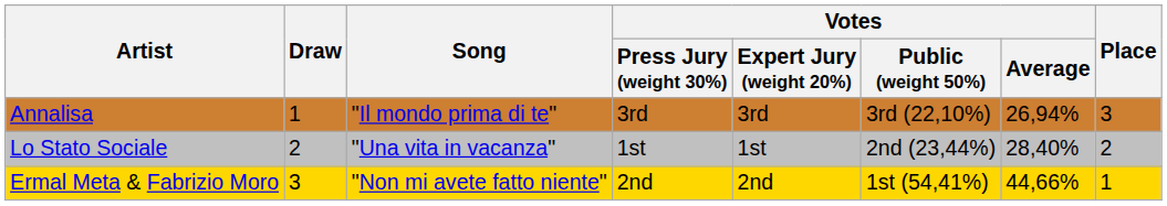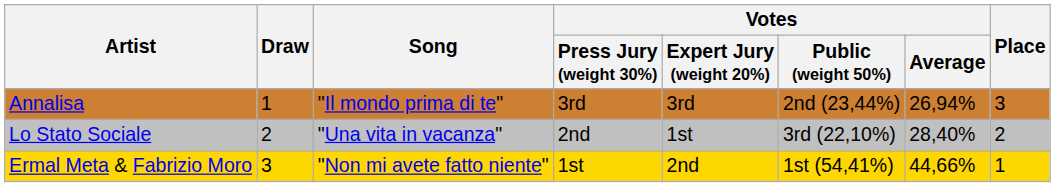 <table class="wikitable sortable">
 <tr>
 <th rowspan="2">Artist</th>
 <th rowspan="2">Draw</th>
 <th rowspan="2">Song</th>
 <th colspan="4" class="unsortable">Votes</th>
 <th rowspan="2">Place</th>
 </tr>
 <tr>
 <th>Press Jury<br><small>(weight 30%)</small></th>
 <th>Expert Jury<br><small>(weight 20%)</small></th>
 <th>Public<br><small>(weight 50%)</small></th>
 <th>Average</th>
 </tr>
 <tr bgcolor=#cd7f32>
 <td><a href='#'>Annalisa</a></td>
 <td>1</td>
 <td>"<a href='#'>Il mondo prima di te</a>"</td>
 <td>3rd</td>
 <td>3rd</td>
-<td>3rd (22,10%)</td>
+<td>2nd (23,44%)</td>
 <td>26,94%</td>
 <td>3</td>
 </tr>
 <tr bgcolor=silver>
 <td><a href='#'>Lo Stato Sociale</a></td>
 <td>2</td>
 <td>"<a href='#'>Una vita in vacanza</a>"</td>
+<td>2nd</td>
 <td>1st</td>
-<td>1st</td>
-<td>2nd (23,44%)</td>
+<td>3rd (22,10%)</td>
 <td>28,40%</td>
 <td>2</td>
 </tr>
 <tr bgcolor=gold>
 <td><a href='#'>Ermal Meta</a> & <a href='#'>Fabrizio Moro</a></td>
 <td>3</td>
 <td>"<a href='#'>Non mi avete fatto niente</a>"</td>
-<td>2nd</td>
+<td>1st</td>
 <td>2nd</td>
 <td>1st (54,41%)</td>
 <td>44,66%</td>
 <td>1</td>
 </tr>
 </table>
